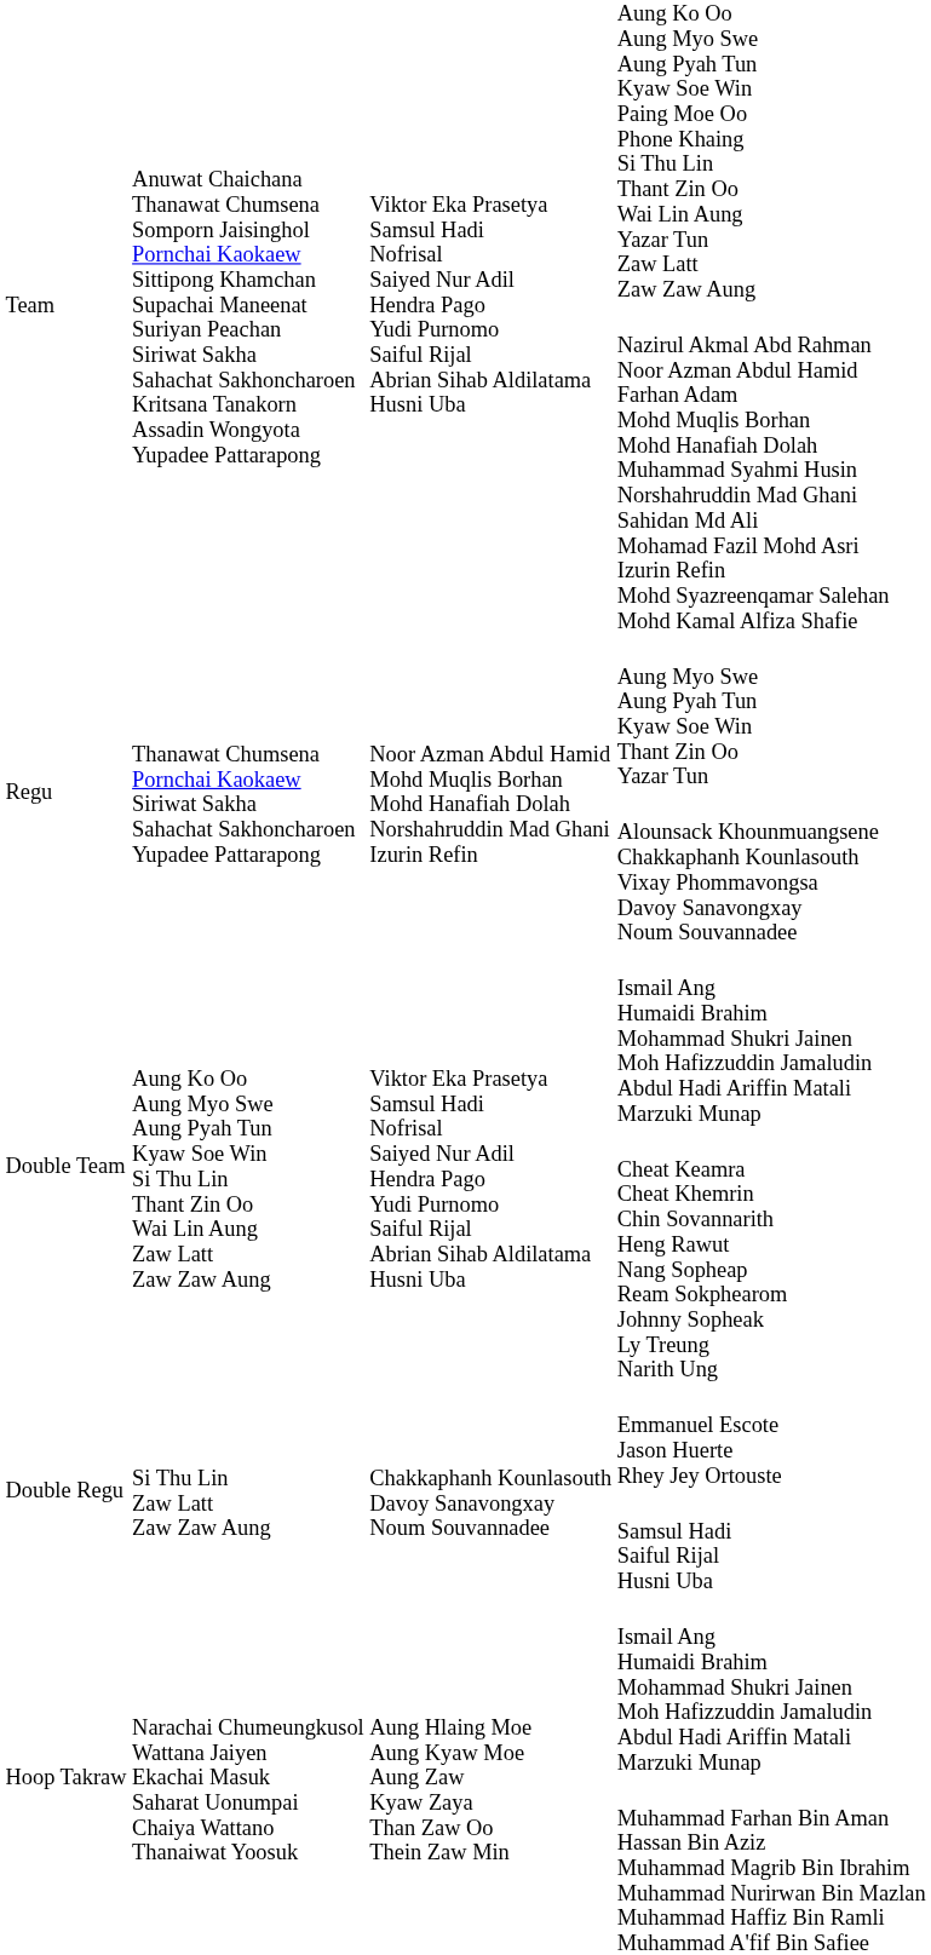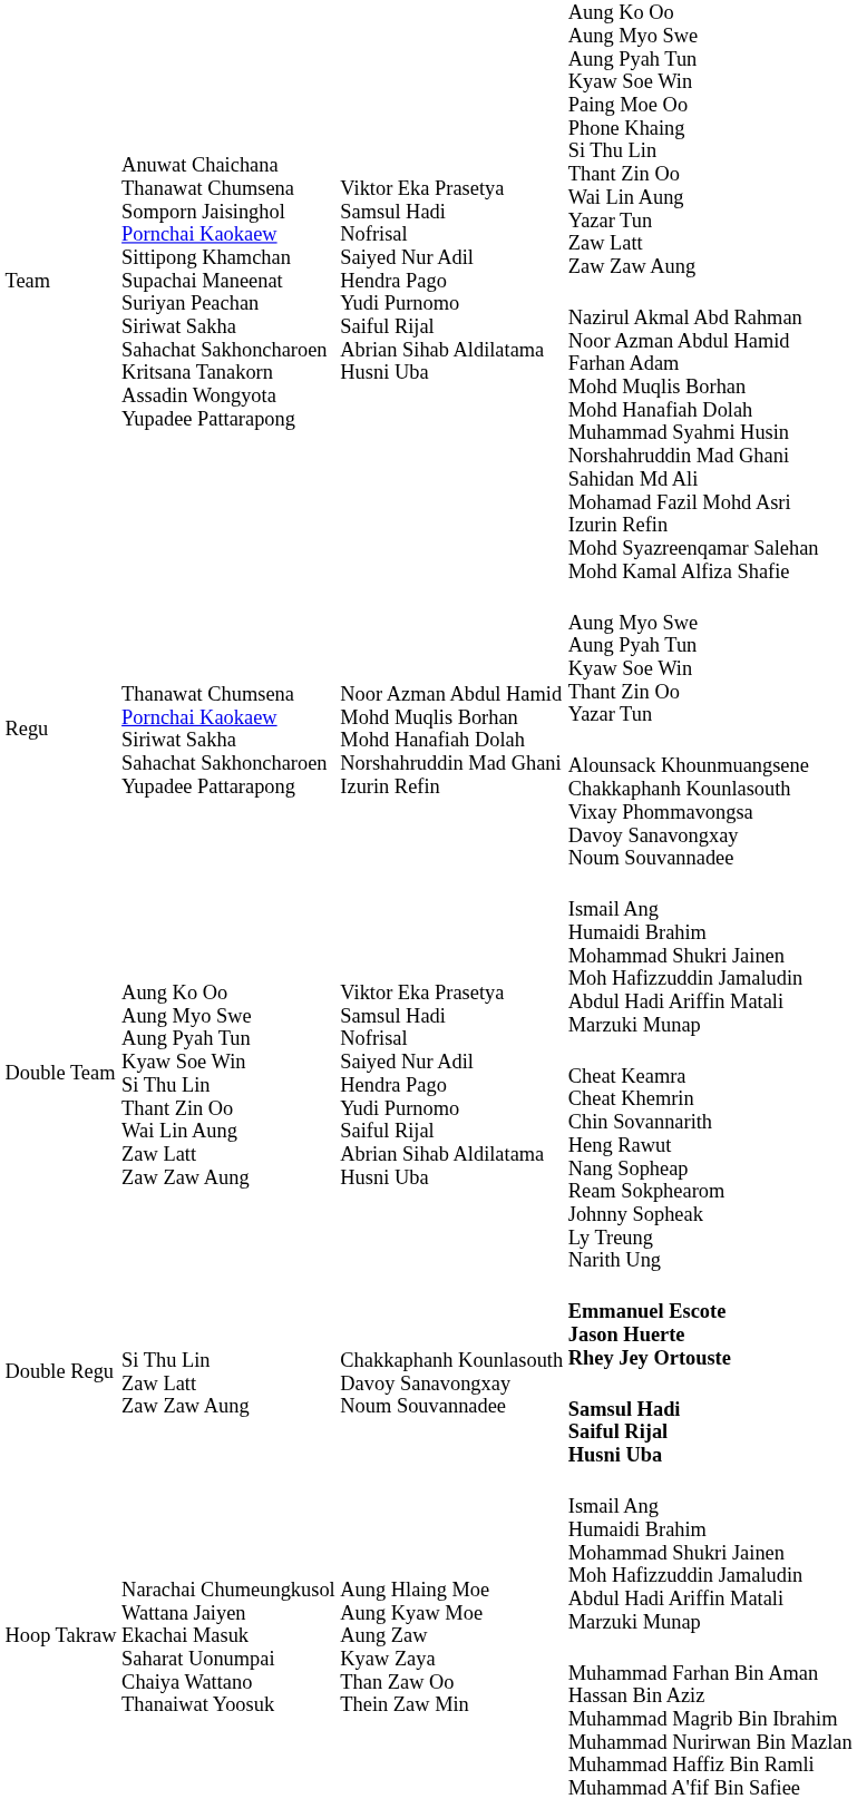 <table>
 <tr>
 <td rowspan=2>Team </td>
 <td rowspan=2><br>Anuwat Chaichana<br>Thanawat Chumsena<br>Somporn Jaisinghol<br><a href='#'>Pornchai Kaokaew</a><br>Sittipong Khamchan<br>Supachai Maneenat<br>Suriyan Peachan<br>Siriwat Sakha<br>Sahachat Sakhoncharoen<br>Kritsana Tanakorn<br>Assadin Wongyota<br>Yupadee Pattarapong</td>
 <td rowspan=2><br>Viktor Eka Prasetya<br>Samsul Hadi<br>Nofrisal<br>Saiyed Nur Adil<br>Hendra Pago<br>Yudi Purnomo<br>Saiful Rijal<br>Abrian Sihab Aldilatama<br>Husni Uba<br><br></td>
 <td><br>Aung Ko Oo<br>Aung Myo Swe<br>Aung Pyah Tun<br>Kyaw Soe Win<br>Paing Moe Oo<br>Phone Khaing<br>Si Thu Lin<br>Thant Zin Oo<br>Wai Lin Aung<br>Yazar Tun<br>Zaw Latt<br>Zaw Zaw Aung</td>
 </tr>
 <tr>
 <td><br>Nazirul Akmal Abd Rahman<br>Noor Azman Abdul Hamid<br>Farhan Adam<br>Mohd Muqlis Borhan<br>Mohd Hanafiah Dolah<br>Muhammad Syahmi Husin<br>Norshahruddin Mad Ghani<br>Sahidan Md Ali<br>Mohamad Fazil Mohd Asri<br>Izurin Refin<br>Mohd Syazreenqamar Salehan<br>Mohd Kamal Alfiza Shafie</td>
 </tr>
 <tr>
 <td rowspan=2>Regu </td>
 <td rowspan=2><br>Thanawat Chumsena<br><a href='#'>Pornchai Kaokaew</a><br>Siriwat Sakha<br>Sahachat Sakhoncharoen<br>Yupadee Pattarapong</td>
 <td rowspan=2><br>Noor Azman Abdul Hamid<br>Mohd Muqlis Borhan<br>Mohd Hanafiah Dolah<br>Norshahruddin Mad Ghani<br>Izurin Refin</td>
 <td><br>Aung Myo Swe<br>Aung Pyah Tun<br>Kyaw Soe Win<br>Thant Zin Oo<br>Yazar Tun</td>
 </tr>
 <tr>
 <td><br>Alounsack Khounmuangsene<br>Chakkaphanh Kounlasouth<br>Vixay Phommavongsa<br>Davoy Sanavongxay<br>Noum Souvannadee</td>
 </tr>
 <tr>
 <td rowspan=2>Double Team </td>
 <td rowspan=2><br>Aung Ko Oo<br>Aung Myo Swe<br>Aung Pyah Tun<br>Kyaw Soe Win<br>Si Thu Lin<br>Thant Zin Oo<br>Wai Lin Aung<br>Zaw Latt<br>Zaw Zaw Aung</td>
 <td rowspan=2><br>Viktor Eka Prasetya<br>Samsul Hadi<br>Nofrisal<br>Saiyed Nur Adil<br>Hendra Pago<br>Yudi Purnomo<br>Saiful Rijal<br>Abrian Sihab Aldilatama<br>Husni Uba</td>
 <td><br>Ismail Ang<br>Humaidi Brahim<br>Mohammad Shukri Jainen<br>Moh Hafizzuddin Jamaludin<br>Abdul Hadi Ariffin Matali<br>Marzuki Munap</td>
 </tr>
 <tr>
 <td><br>Cheat Keamra<br>Cheat Khemrin<br>Chin Sovannarith<br>Heng Rawut<br>Nang Sopheap<br>Ream Sokphearom<br>Johnny Sopheak<br>Ly Treung<br>Narith Ung</td>
 </tr>
 <tr>
 <td rowspan=2>Double Regu </td>
 <td rowspan=2><br>Si Thu Lin<br>Zaw Latt<br>Zaw Zaw Aung</td>
 <td rowspan=2><br>Chakkaphanh Kounlasouth<br>Davoy Sanavongxay<br>Noum Souvannadee</td>
-<td><br>Emmanuel Escote<br>Jason Huerte<br>Rhey Jey Ortouste</td>
+<td><strong><br>Emmanuel Escote<br>Jason Huerte<br>Rhey Jey Ortouste</strong></td>
 </tr>
 <tr>
-<td><br>Samsul Hadi<br>Saiful Rijal<br>Husni Uba</td>
+<td><strong><br>Samsul Hadi<br>Saiful Rijal<br>Husni Uba</strong></td>
 </tr>
 <tr>
 <td rowspan=2>Hoop Takraw </td>
 <td rowspan=2><br>Narachai Chumeungkusol<br>Wattana Jaiyen<br>Ekachai Masuk<br>Saharat Uonumpai<br>Chaiya Wattano<br>Thanaiwat Yoosuk</td>
 <td rowspan=2><br>Aung Hlaing Moe<br>Aung Kyaw Moe<br>Aung Zaw<br>Kyaw Zaya<br>Than Zaw Oo<br>Thein Zaw Min</td>
 <td><br>Ismail Ang<br>Humaidi Brahim<br>Mohammad Shukri Jainen<br>Moh Hafizzuddin Jamaludin<br>Abdul Hadi Ariffin Matali<br>Marzuki Munap</td>
 </tr>
 <tr>
 <td><br>Muhammad Farhan Bin Aman<br>Hassan Bin Aziz<br>Muhammad Magrib Bin Ibrahim<br>Muhammad Nurirwan Bin Mazlan<br>Muhammad Haffiz Bin Ramli<br>Muhammad A'fif Bin Safiee</td>
 </tr>
 </table>
